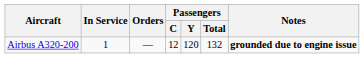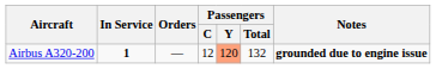 <table class="wikitable" style="margin:1em auto; text-align:center;">
 <tr>
 <th rowspan="2">Aircraft</th>
 <th rowspan="2">In Service</th>
 <th rowspan="2">Orders</th>
 <th colspan="3">Passengers</th>
 <th rowspan="2">Notes</th>
 </tr>
 <tr>
 <th><abbr>C</abbr></th>
 <th><abbr>Y</abbr></th>
 <th>Total</th>
 </tr>
 <tr>
 <td><a href='#'>Airbus A320-200</a></td>
-<td>1</td>
+<td><strong>1</strong></td>
 <td>—</td>
 <td>12</td>
-<td>120</td>
+<td style="background: lightsalmon;">120</td>
 <td>132</td>
 <td><strong>grounded due to engine issue</strong></td>
 </tr>
 </table>
